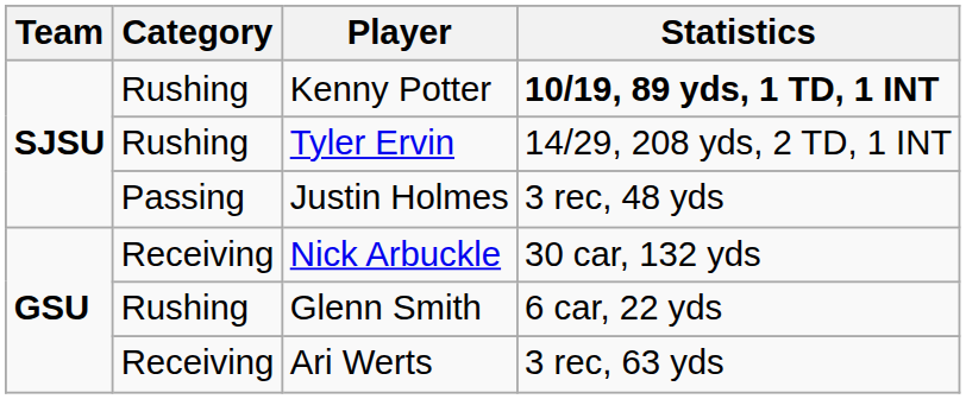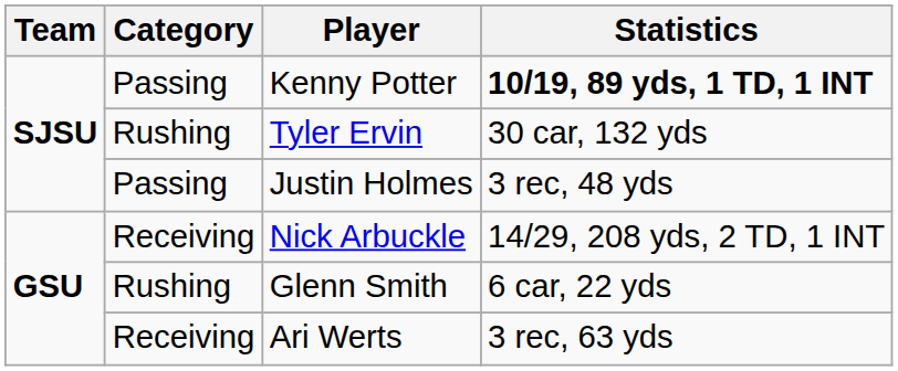 <table class="wikitable">
 <tr>
 <th>Team</th>
 <th>Category</th>
 <th>Player</th>
 <th>Statistics</th>
 </tr>
 <tr>
 <td rowspan=3><strong>SJSU</strong></td>
-<td>Rushing</td>
+<td>Passing</td>
 <td>Kenny Potter</td>
 <td><strong>10/19, 89 yds, 1 TD, 1 INT</strong></td>
 </tr>
 <tr>
 <td>Rushing</td>
 <td><a href='#'>Tyler Ervin</a></td>
-<td>14/29, 208 yds, 2 TD, 1 INT</td>
+<td>30 car, 132 yds</td>
 </tr>
 <tr>
 <td>Passing</td>
 <td>Justin Holmes</td>
 <td>3 rec, 48 yds</td>
 </tr>
 <tr>
 <td rowspan=3><strong>GSU</strong></td>
 <td>Receiving</td>
 <td><a href='#'>Nick Arbuckle</a></td>
-<td>30 car, 132 yds</td>
+<td>14/29, 208 yds, 2 TD, 1 INT</td>
 </tr>
 <tr>
 <td>Rushing</td>
 <td>Glenn Smith</td>
 <td>6 car, 22 yds</td>
 </tr>
 <tr>
 <td>Receiving</td>
 <td>Ari Werts</td>
 <td>3 rec, 63 yds</td>
 </tr>
 </table>
